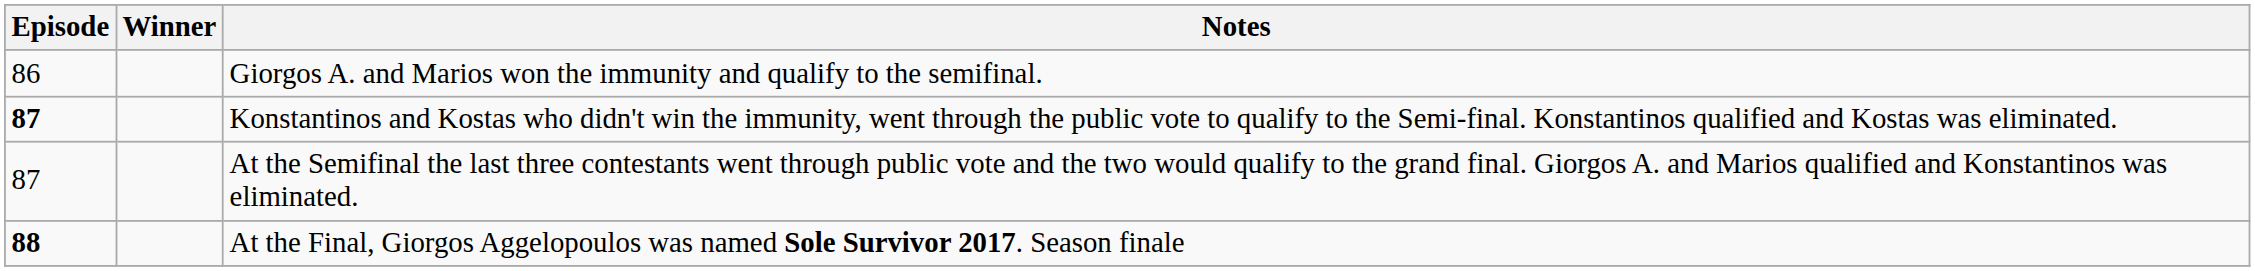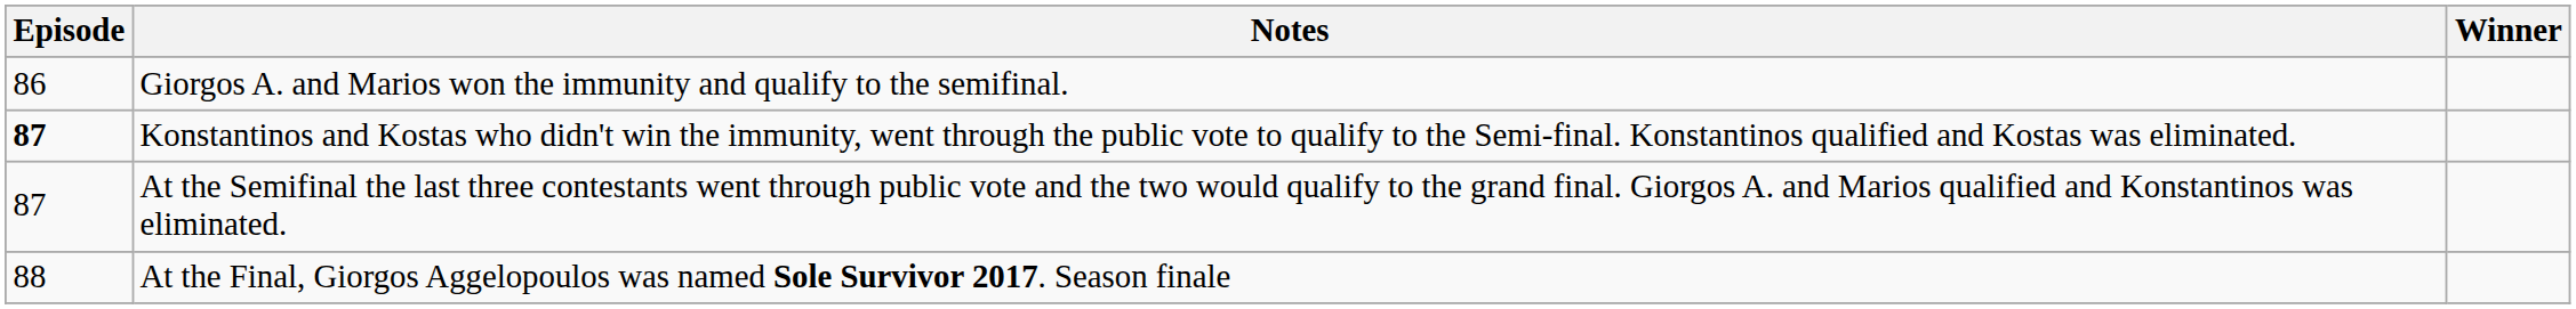 <table class="wikitable sortable">
 <tr>
 <th>Episode</th>
+<th>Notes</th>
 <th>Winner</th>
-<th>Notes</th>
 </tr>
 <tr>
 <td>86</td>
+<td>Giorgos A. and Marios won the immunity and qualify to the semifinal.</td>
 <td></td>
-<td>Giorgos A. and Marios won the immunity and qualify to the semifinal.</td>
 </tr>
 <tr>
 <td><strong>87</strong></td>
+<td>Konstantinos and Kostas who didn't win the immunity, went through the public vote to qualify to the Semi-final. Konstantinos qualified and Kostas was eliminated.</td>
 <td></td>
-<td>Konstantinos and Kostas who didn't win the immunity, went through the public vote to qualify to the Semi-final. Konstantinos qualified and Kostas was eliminated.</td>
 </tr>
 <tr>
 <td>87</td>
+<td>At the Semifinal the last three contestants went through public vote and the two would qualify to the grand final. Giorgos A. and Marios qualified and Konstantinos was eliminated.</td>
 <td></td>
-<td>At the Semifinal the last three contestants went through public vote and the two would qualify to the grand final. Giorgos A. and Marios qualified and Konstantinos was eliminated.</td>
 </tr>
 <tr>
-<td><strong>88</strong></td>
+<td>88</td>
+<td>At the Final, Giorgos Aggelopoulos was named <strong>Sole Survivor 2017</strong>. Season finale</td>
 <td></td>
-<td>At the Final, Giorgos Aggelopoulos was named <strong>Sole Survivor 2017</strong>. Season finale</td>
 </tr>
 </table>
